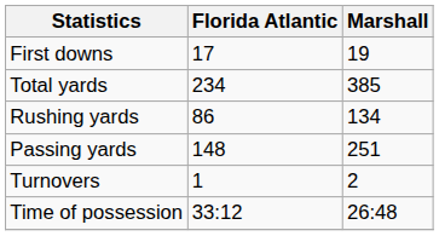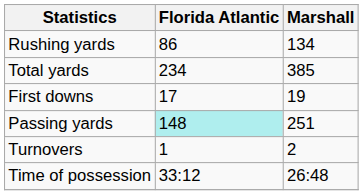 <table class="wikitable">
 <tr>
 <th>Statistics</th>
 <th>Florida Atlantic</th>
 <th>Marshall</th>
 </tr>
 <tr>
-<td>First downs</td>
-<td>17</td>
-<td>19</td>
+<td>Rushing yards</td>
+<td>86</td>
+<td>134</td>
 </tr>
 <tr>
 <td>Total yards</td>
 <td>234</td>
 <td>385</td>
 </tr>
 <tr>
-<td>Rushing yards</td>
-<td>86</td>
-<td>134</td>
+<td>First downs</td>
+<td>17</td>
+<td>19</td>
 </tr>
 <tr>
 <td>Passing yards</td>
-<td>148</td>
+<td style="background: paleturquoise;">148</td>
 <td>251</td>
 </tr>
 <tr>
 <td>Turnovers</td>
 <td>1</td>
 <td>2</td>
 </tr>
 <tr>
 <td>Time of possession</td>
 <td>33:12</td>
 <td>26:48</td>
 </tr>
 <tr>
 </tr>
 </table>
